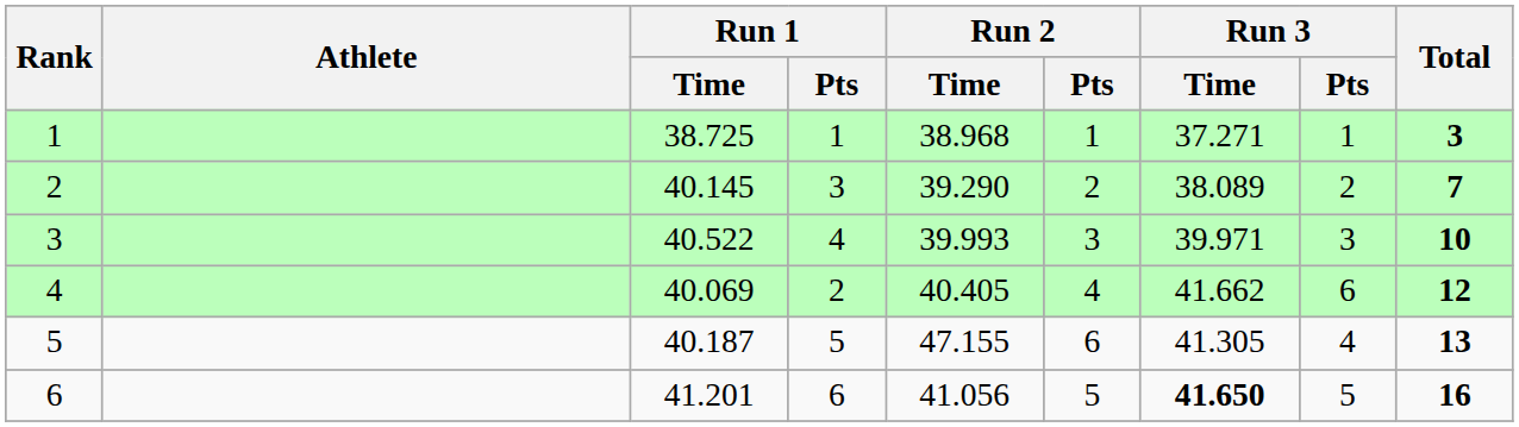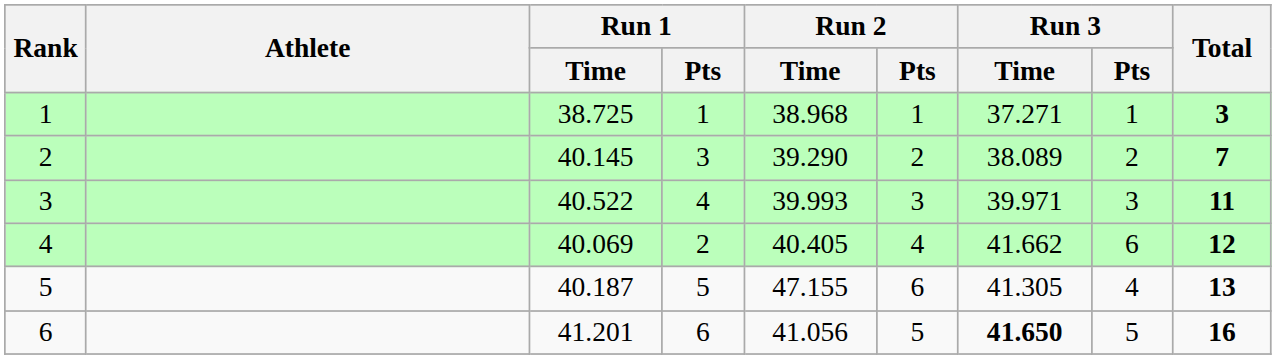 <table class=wikitable style="text-align:center">
 <tr>
 <th rowspan="2" width=40>Rank</th>
 <th rowspan="2" width=250>Athlete</th>
 <th colspan="2">Run 1</th>
 <th colspan="2">Run 2</th>
 <th colspan="2">Run 3</th>
 <th rowspan="2" width=50>Total</th>
 </tr>
 <tr>
 <th width=70>Time</th>
 <th width=40>Pts</th>
 <th width=70>Time</th>
 <th width=40>Pts</th>
 <th width=70>Time</th>
 <th width=40>Pts</th>
 </tr>
 <tr bgcolor=bbffbb>
 <td>1</td>
 <td align=left></td>
 <td>38.725</td>
 <td>1</td>
 <td>38.968</td>
 <td>1</td>
 <td>37.271</td>
 <td>1</td>
 <td><strong>3</strong></td>
 </tr>
 <tr bgcolor=bbffbb>
 <td>2</td>
 <td align=left></td>
 <td>40.145</td>
 <td>3</td>
 <td>39.290</td>
 <td>2</td>
 <td>38.089</td>
 <td>2</td>
 <td><strong>7</strong></td>
 </tr>
 <tr bgcolor=bbffbb>
 <td>3</td>
 <td align=left></td>
 <td>40.522</td>
 <td>4</td>
 <td>39.993</td>
 <td>3</td>
 <td>39.971</td>
 <td>3</td>
-<td><strong>10</strong></td>
+<td><strong>11</strong></td>
 </tr>
 <tr bgcolor=bbffbb>
 <td>4</td>
 <td align=left></td>
 <td>40.069</td>
 <td>2</td>
 <td>40.405</td>
 <td>4</td>
 <td>41.662</td>
 <td>6</td>
 <td><strong>12</strong></td>
 </tr>
 <tr>
 <td>5</td>
 <td align=left></td>
 <td>40.187</td>
 <td>5</td>
 <td>47.155</td>
 <td>6</td>
 <td>41.305</td>
 <td>4</td>
 <td><strong>13</strong></td>
 </tr>
 <tr>
 <td>6</td>
 <td align=left></td>
 <td>41.201</td>
 <td>6</td>
 <td>41.056</td>
 <td>5</td>
 <td><strong>41.650</strong></td>
 <td>5</td>
 <td><strong>16</strong></td>
 </tr>
 </table>
